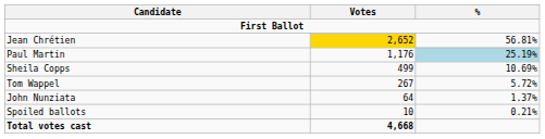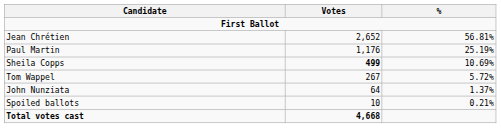 <table class="wikitable" style="width:40%;">
 <tr>
 <th>Candidate</th>
 <th>Votes</th>
 <th>%</th>
 </tr>
 <tr>
 <td colspan="3" style="text-align:center;"><strong>First Ballot</strong></td>
 </tr>
 <tr>
 <td>Jean Chrétien</td>
-<td align=right style="background: gold;">2,652</td>
+<td align=right>2,652</td>
 <td align=right>56.81%</td>
 </tr>
 <tr>
 <td>Paul Martin</td>
 <td align=right>1,176</td>
-<td align=right style="background: lightblue;">25.19%</td>
+<td align=right>25.19%</td>
 </tr>
 <tr>
 <td>Sheila Copps</td>
-<td align=right>499</td>
+<td align=right><strong>499</strong></td>
 <td align=right>10.69%</td>
 </tr>
 <tr>
 <td>Tom Wappel</td>
 <td align=right>267</td>
 <td align=right>5.72%</td>
 </tr>
 <tr>
 <td>John Nunziata</td>
 <td align=right>64</td>
 <td align=right>1.37%</td>
 </tr>
 <tr>
 <td>Spoiled ballots</td>
 <td align=right>10</td>
 <td align=right>0.21%</td>
 </tr>
 <tr>
 <td><strong>Total votes cast</strong></td>
 <td align=right><strong>4,668</strong></td>
 </tr>
 </table>
